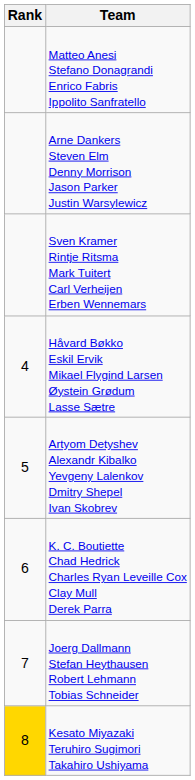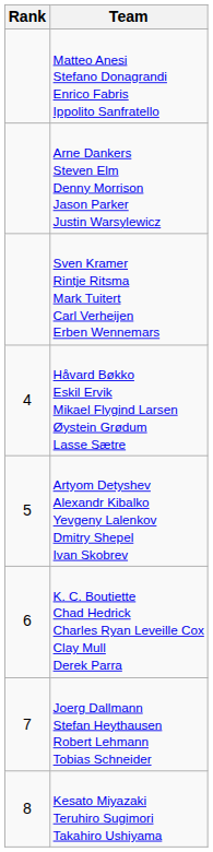 <table class="wikitable sortable" style="text-align:center">
 <tr>
 <th>Rank</th>
 <th>Team</th>
 </tr>
 <tr>
 <td></td>
 <td align="left"><small> <br><a href='#'>Matteo Anesi</a> <br> <a href='#'>Stefano Donagrandi</a><br><a href='#'>Enrico Fabris</a><br><a href='#'>Ippolito Sanfratello</a></small></td>
 </tr>
 <tr>
 <td></td>
 <td align="left"><small><br> <a href='#'>Arne Dankers</a><br><a href='#'>Steven Elm</a><br><a href='#'>Denny Morrison</a><br><a href='#'>Jason Parker</a><br><a href='#'>Justin Warsylewicz</a></small></td>
 </tr>
 <tr>
 <td></td>
 <td align="left"><small><br> <a href='#'>Sven Kramer</a><br> <a href='#'>Rintje Ritsma</a><br><a href='#'>Mark Tuitert</a><br><a href='#'>Carl Verheijen</a><br> <a href='#'>Erben Wennemars</a></small></td>
 </tr>
 <tr>
 <td>4</td>
 <td align="left"><small><br> <a href='#'>Håvard Bøkko</a><br> <a href='#'>Eskil Ervik</a><br><a href='#'>Mikael Flygind Larsen</a><br><a href='#'>Øystein Grødum</a><br><a href='#'>Lasse Sætre</a> </small></td>
 </tr>
 <tr>
 <td>5</td>
 <td align="left"><small><br> <a href='#'>Artyom Detyshev</a><br><a href='#'>Alexandr Kibalko</a><br><a href='#'>Yevgeny Lalenkov</a><br><a href='#'>Dmitry Shepel</a><br><a href='#'>Ivan Skobrev</a></small></td>
 </tr>
 <tr>
 <td>6</td>
 <td align="left"><small><br> <a href='#'>K. C. Boutiette</a><br> <a href='#'>Chad Hedrick</a><br><a href='#'>Charles Ryan Leveille Cox</a><br><a href='#'>Clay Mull</a><br> <a href='#'>Derek Parra</a></small></td>
 </tr>
 <tr>
 <td>7</td>
 <td align="left"><small><br><a href='#'>Joerg Dallmann</a> <br> <a href='#'>Stefan Heythausen</a><br><a href='#'>Robert Lehmann</a><br><a href='#'>Tobias Schneider</a></small></td>
 </tr>
 <tr>
-<td style="background: gold;">8</td>
+<td>8</td>
 <td align="left"><small><br> <a href='#'>Kesato Miyazaki</a><br><a href='#'>Teruhiro Sugimori</a><br><a href='#'>Takahiro Ushiyama</a></small></td>
 </tr>
 </table>
